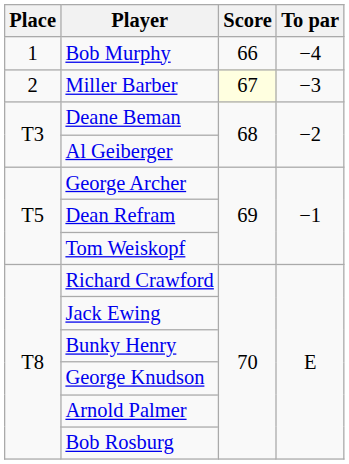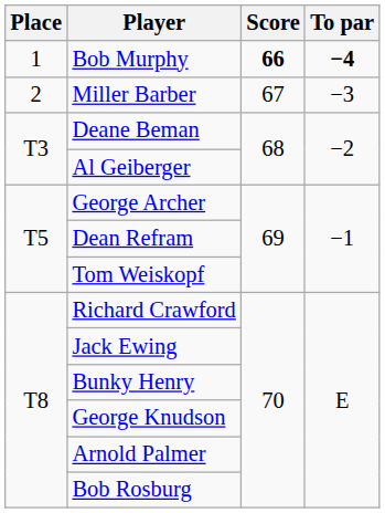 <table class=wikitable>
 <tr>
 <th>Place</th>
 <th>Player</th>
 <th>Score</th>
 <th>To par</th>
 </tr>
 <tr>
 <td align=center>1</td>
 <td> <a href='#'>Bob Murphy</a></td>
-<td align=center>66</td>
-<td align=center>−4</td>
+<td align=center><strong>66</strong></td>
+<td align=center><strong>−4</strong></td>
 </tr>
 <tr>
 <td align=center>2</td>
 <td> <a href='#'>Miller Barber</a></td>
-<td align=center style="background: lightyellow;">67</td>
+<td align=center>67</td>
 <td align=center>−3</td>
 </tr>
 <tr>
 <td rowspan=2 align=center>T3</td>
 <td> <a href='#'>Deane Beman</a></td>
 <td rowspan=2 align=center>68</td>
 <td rowspan=2 align=center>−2</td>
 </tr>
 <tr>
 <td> <a href='#'>Al Geiberger</a></td>
 </tr>
 <tr>
 <td rowspan=3 align=center>T5</td>
 <td> <a href='#'>George Archer</a></td>
 <td rowspan=3 align=center>69</td>
 <td rowspan=3 align=center>−1</td>
 </tr>
 <tr>
 <td> <a href='#'>Dean Refram</a></td>
 </tr>
 <tr>
 <td> <a href='#'>Tom Weiskopf</a></td>
 </tr>
 <tr>
 <td rowspan=6 align=center>T8</td>
 <td> <a href='#'>Richard Crawford</a></td>
 <td rowspan=6 align=center>70</td>
 <td rowspan=6 align=center>E</td>
 </tr>
 <tr>
 <td> <a href='#'>Jack Ewing</a></td>
 </tr>
 <tr>
 <td> <a href='#'>Bunky Henry</a></td>
 </tr>
 <tr>
 <td> <a href='#'>George Knudson</a></td>
 </tr>
 <tr>
 <td> <a href='#'>Arnold Palmer</a></td>
 </tr>
 <tr>
 <td> <a href='#'>Bob Rosburg</a></td>
 </tr>
 </table>
